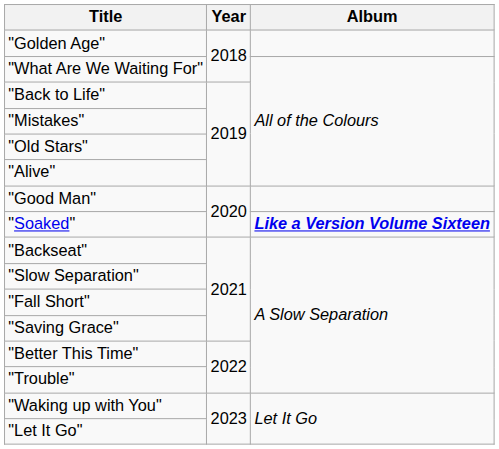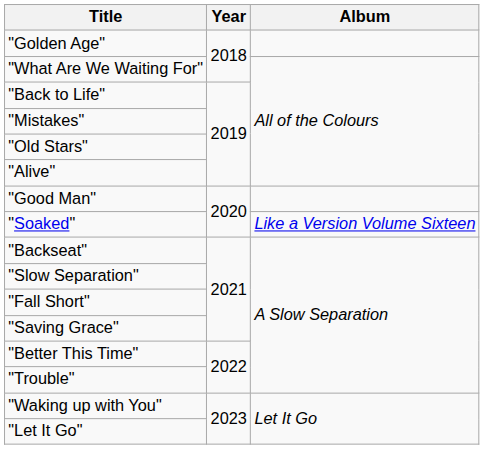 <table class="wikitable">
 <tr>
 <th>Title</th>
 <th>Year</th>
 <th>Album</th>
 </tr>
 <tr>
 <td>"Golden Age"</td>
 <td rowspan="2">2018</td>
 <td></td>
 </tr>
 <tr>
 <td>"What Are We Waiting For"</td>
 <td rowspan="5"><em>All of the Colours</em></td>
 </tr>
 <tr>
 <td>"Back to Life"</td>
 <td rowspan="4">2019</td>
 </tr>
 <tr>
 <td>"Mistakes"</td>
 </tr>
 <tr>
 <td>"Old Stars"</td>
 </tr>
 <tr>
 <td>"Alive"</td>
 </tr>
 <tr>
 <td>"Good Man"</td>
 <td rowspan="2">2020</td>
 <td></td>
 </tr>
 <tr>
 <td>"<a href='#'>Soaked</a>"</td>
-<td><strong><em><a href='#'>Like a Version Volume Sixteen</a></em></strong></td>
+<td><em><a href='#'>Like a Version Volume Sixteen</a></em></td>
 </tr>
 <tr>
 <td>"Backseat"</td>
 <td rowspan="4">2021</td>
 <td rowspan="6"><em>A Slow Separation</em></td>
 </tr>
 <tr>
 <td>"Slow Separation"</td>
 </tr>
 <tr>
 <td>"Fall Short"</td>
 </tr>
 <tr>
 <td>"Saving Grace"</td>
 </tr>
 <tr>
 <td>"Better This Time"</td>
 <td rowspan="2">2022</td>
 </tr>
 <tr>
 <td>"Trouble"</td>
 </tr>
 <tr>
 <td>"Waking up with You"</td>
 <td rowspan="2">2023</td>
 <td rowspan="2"><em>Let It Go</em></td>
 </tr>
 <tr>
 <td>"Let It Go"</td>
 </tr>
 </table>
